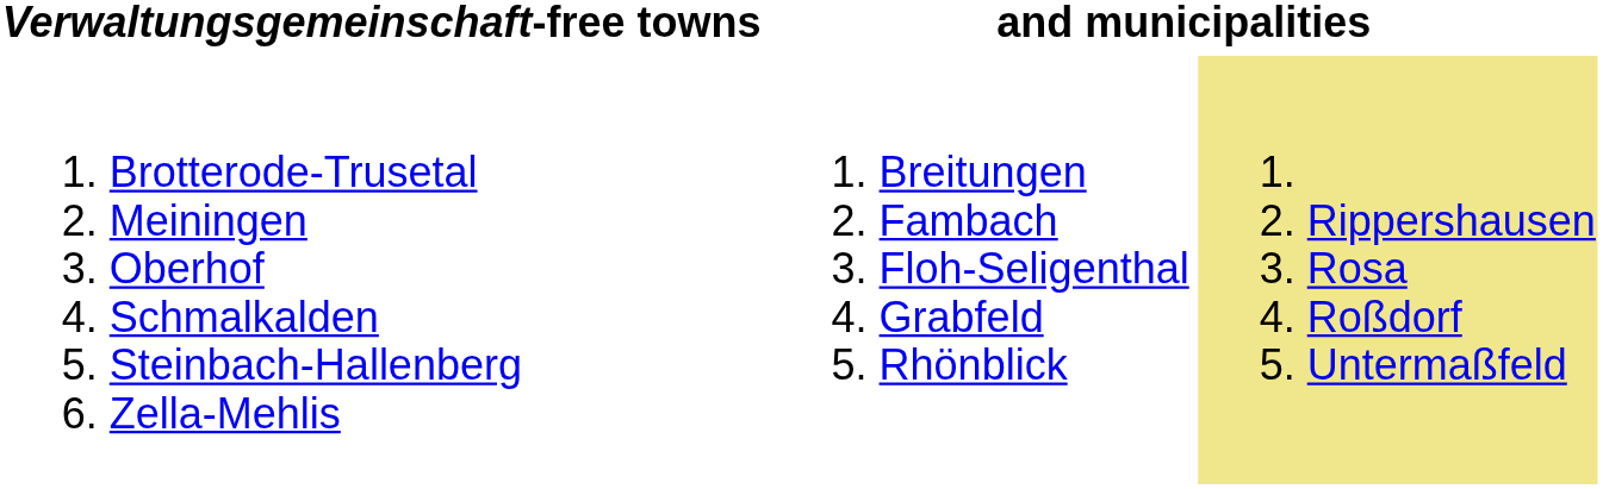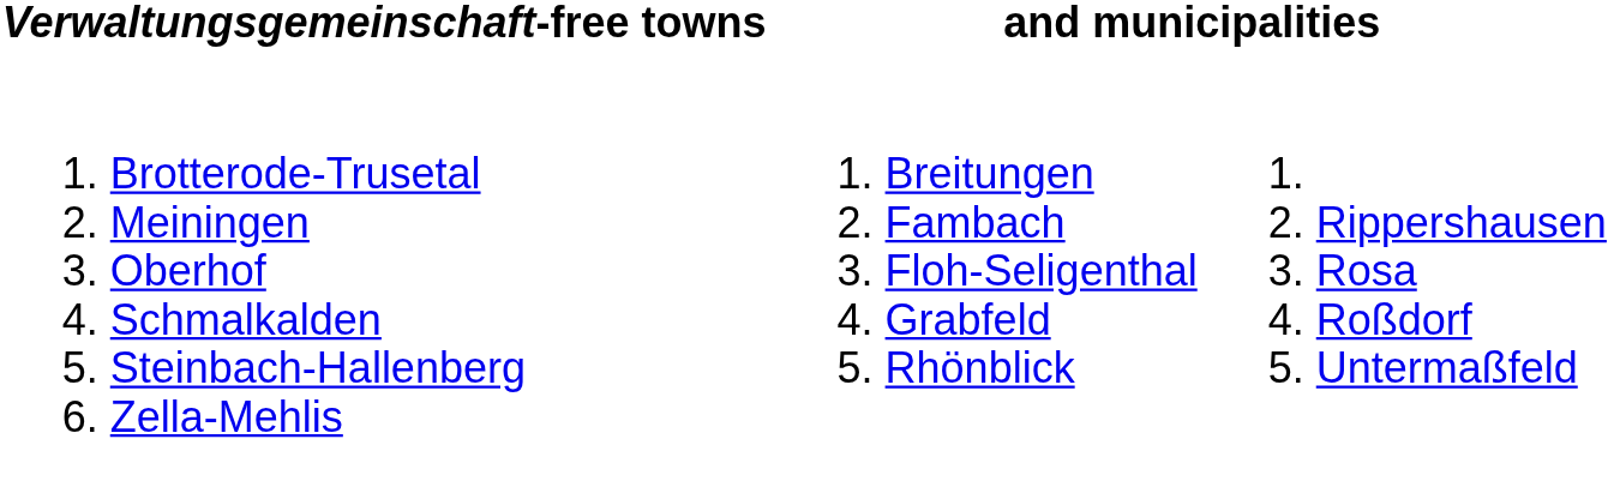 <table>
 <tr ---->
 <th><em>Verwaltungsgemeinschaft</em>-free towns</th>
 <th colspan=2>and municipalities</th>
 </tr>
 <tr>
 <td valign=top><br><ol><li><a href='#'>Brotterode-Trusetal</a></li><li><a href='#'>Meiningen</a></li><li><a href='#'>Oberhof</a></li><li><a href='#'>Schmalkalden</a></li><li><a href='#'>Steinbach-Hallenberg</a></li><li><a href='#'>Zella-Mehlis</a></li></ol></td>
 <td valign=top><br><ol><li><a href='#'>Breitungen</a></li><li><a href='#'>Fambach</a></li><li><a href='#'>Floh-Seligenthal</a></li><li><a href='#'>Grabfeld</a></li><li><a href='#'>Rhönblick</a></li></ol></td>
-<td valign=top style="background: khaki;"><br><ol><li><li><a href='#'>Rippershausen</a></li><li><a href='#'>Rosa</a></li><li><a href='#'>Roßdorf</a></li><li><a href='#'>Untermaßfeld</a></li></ol></td>
+<td valign=top><br><ol><li><li><a href='#'>Rippershausen</a></li><li><a href='#'>Rosa</a></li><li><a href='#'>Roßdorf</a></li><li><a href='#'>Untermaßfeld</a></li></ol></td>
 </tr>
 </table>
